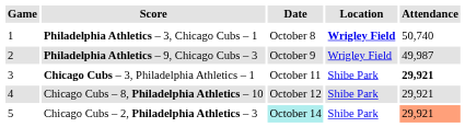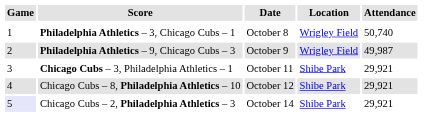 <table border="0" cellspacing="3" cellpadding="3">
 <tr style="background: #e3e3e3;">
 <th>Game</th>
 <th>Score</th>
 <th>Date</th>
 <th>Location</th>
 <th>Attendance</th>
 </tr>
 <tr style="background: #e3e3e3;">
 </tr>
 <tr>
 <td>1</td>
 <td><strong>Philadelphia Athletics</strong> – 3, Chicago Cubs – 1</td>
 <td>October 8</td>
-<td><strong><a href='#'>Wrigley Field</a></strong></td>
+<td><a href='#'>Wrigley Field</a></td>
 <td>50,740</td>
 </tr>
 <tr style="background: #e3e3e3;">
 <td>2</td>
 <td><strong>Philadelphia Athletics</strong> – 9, Chicago Cubs – 3</td>
 <td>October 9</td>
 <td><a href='#'>Wrigley Field</a></td>
 <td>49,987</td>
 </tr>
 <tr>
 <td>3</td>
 <td><strong>Chicago Cubs</strong> – 3, Philadelphia Athletics – 1</td>
 <td>October 11</td>
 <td><a href='#'>Shibe Park</a></td>
-<td><strong>29,921</strong></td>
+<td>29,921</td>
 </tr>
 <tr style="background: #e3e3e3;">
 <td>4</td>
 <td>Chicago Cubs – 8, <strong>Philadelphia Athletics</strong> – 10</td>
 <td>October 12</td>
 <td><a href='#'>Shibe Park</a></td>
 <td>29,921</td>
 </tr>
 <tr>
-<td>5</td>
+<td style="background: lavender;">5</td>
 <td>Chicago Cubs – 2, <strong>Philadelphia Athletics</strong> – 3</td>
-<td style="background: paleturquoise;">October 14</td>
+<td>October 14</td>
 <td><a href='#'>Shibe Park</a></td>
-<td style="background: lightsalmon;">29,921</td>
+<td>29,921</td>
 </tr>
 <tr style="background: #e3e3e3;">
 </tr>
 </table>
